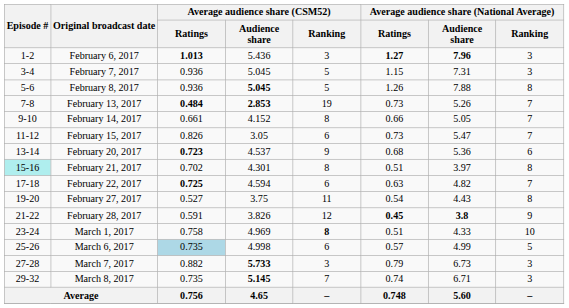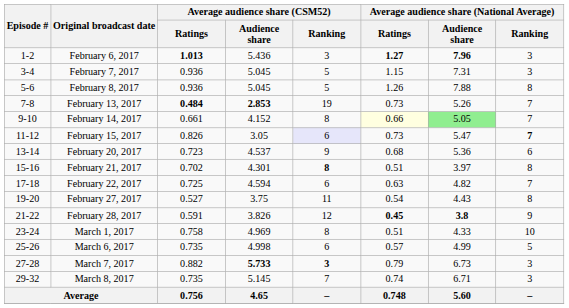 <table class=wikitable style="text-align:center">
 <tr>
 <th rowspan="2">Episode #</th>
 <th rowspan="2">Original broadcast date</th>
 <th colspan="3">Average audience share (CSM52)</th>
 <th colspan="3">Average audience share (National Average)</th>
 </tr>
 <tr>
 <th width=100>Ratings</th>
 <th width=100>Audience share</th>
 <th width=100>Ranking</th>
 <th width=100>Ratings</th>
 <th width=100>Audience share</th>
 <th width=100>Ranking</th>
 </tr>
 <tr>
 <td>1-2</td>
 <td>February 6, 2017</td>
 <td><strong><span>1.013</span></strong></td>
 <td>5.436</td>
 <td>3</td>
 <td><strong><span>1.27</span></strong></td>
 <td><strong><span>7.96</span></strong></td>
 <td>3</td>
 </tr>
 <tr>
 <td>3-4</td>
 <td>February 7, 2017</td>
 <td>0.936</td>
 <td>5.045</td>
 <td>5</td>
 <td>1.15</td>
 <td>7.31</td>
 <td>3</td>
 </tr>
 <tr>
 <td>5-6</td>
 <td>February 8, 2017</td>
 <td>0.936</td>
-<td><strong>5.045</strong></td>
+<td>5.045</td>
 <td>5</td>
 <td>1.26</td>
 <td>7.88</td>
 <td>8</td>
 </tr>
 <tr>
 <td>7-8</td>
 <td>February 13, 2017</td>
 <td><strong><span>0.484</span></strong></td>
 <td><strong><span>2.853</span></strong></td>
 <td>19</td>
 <td>0.73</td>
 <td>5.26</td>
 <td>7</td>
 </tr>
 <tr>
 <td>9-10</td>
 <td>February 14, 2017</td>
 <td>0.661</td>
 <td>4.152</td>
 <td>8</td>
-<td>0.66</td>
-<td>5.05</td>
+<td style="background: lightyellow;">0.66</td>
+<td style="background: lightgreen;">5.05</td>
 <td>7</td>
 </tr>
 <tr>
 <td>11-12</td>
 <td>February 15, 2017</td>
 <td>0.826</td>
 <td>3.05</td>
-<td>6</td>
+<td style="background: lavender;">6</td>
 <td>0.73</td>
 <td>5.47</td>
-<td>7</td>
+<td><strong>7</strong></td>
 </tr>
 <tr>
 <td>13-14</td>
 <td>February 20, 2017</td>
-<td><strong>0.723</strong></td>
+<td>0.723</td>
 <td>4.537</td>
 <td>9</td>
 <td>0.68</td>
 <td>5.36</td>
 <td>6</td>
 </tr>
 <tr>
-<td style="background: paleturquoise;">15-16</td>
+<td>15-16</td>
 <td>February 21, 2017</td>
 <td>0.702</td>
 <td>4.301</td>
-<td>8</td>
+<td><strong>8</strong></td>
 <td>0.51</td>
 <td>3.97</td>
 <td>8</td>
 </tr>
 <tr>
 <td>17-18</td>
 <td>February 22, 2017</td>
-<td><strong>0.725</strong></td>
+<td>0.725</td>
 <td>4.594</td>
 <td>6</td>
 <td>0.63</td>
 <td>4.82</td>
 <td>7</td>
 </tr>
 <tr>
 <td>19-20</td>
 <td>February 27, 2017</td>
 <td>0.527</td>
 <td>3.75</td>
 <td>11</td>
 <td>0.54</td>
 <td>4.43</td>
 <td>8</td>
 </tr>
 <tr>
 <td>21-22</td>
 <td>February 28, 2017</td>
 <td>0.591</td>
 <td>3.826</td>
 <td>12</td>
 <td><strong><span>0.45</span></strong></td>
 <td><strong><span>3.8</span></strong></td>
 <td>9</td>
 </tr>
 <tr>
 <td>23-24</td>
 <td>March 1, 2017</td>
 <td>0.758</td>
 <td>4.969</td>
-<td><strong>8</strong></td>
+<td>8</td>
 <td>0.51</td>
 <td>4.33</td>
 <td>10</td>
 </tr>
 <tr>
 <td>25-26</td>
 <td>March 6, 2017</td>
-<td style="background: lightblue;">0.735</td>
+<td>0.735</td>
 <td>4.998</td>
 <td>6</td>
 <td>0.57</td>
 <td>4.99</td>
 <td>5</td>
 </tr>
 <tr>
 <td>27-28</td>
 <td>March 7, 2017</td>
 <td>0.882</td>
 <td><strong><span>5.733</span></strong></td>
-<td>3</td>
+<td><strong>3</strong></td>
 <td>0.79</td>
 <td>6.73</td>
 <td>3</td>
 </tr>
 <tr>
 <td>29-32</td>
 <td>March 8, 2017</td>
 <td>0.735</td>
-<td><strong>5.145</strong></td>
+<td>5.145</td>
 <td>7</td>
 <td>0.74</td>
 <td>6.71</td>
 <td>3</td>
 </tr>
 <tr>
 <th colspan=2>Average</th>
 <th>0.756</th>
 <th>4.65</th>
 <th>–</th>
 <th>0.748</th>
 <th>5.60</th>
 <th>–</th>
 </tr>
 <tr>
 </tr>
 </table>
